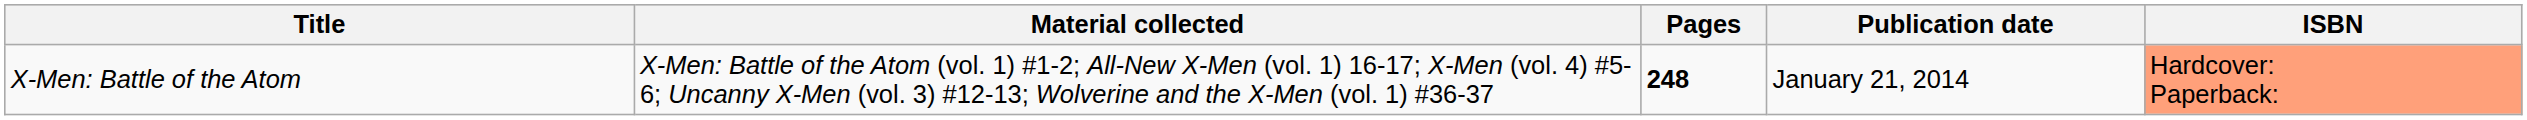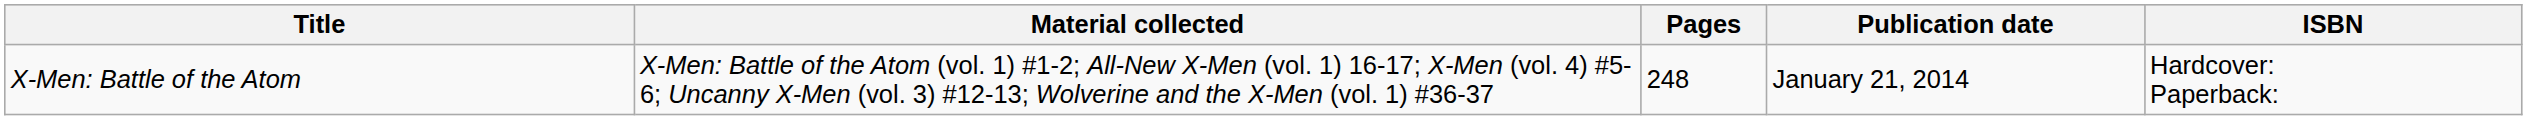 <table class="wikitable" width="100%">
 <tr>
 <th width="25%">Title</th>
 <th width="40%">Material collected</th>
 <th width="5%">Pages</th>
 <th width="15%">Publication date</th>
 <th width="15%">ISBN</th>
 </tr>
 <tr>
 <td><em>X-Men: Battle of the Atom</em></td>
 <td><em>X-Men: Battle of the Atom</em> (vol. 1) #1-2; <em>All-New X-Men</em> (vol. 1) 16-17; <em>X-Men</em> (vol. 4) #5-6; <em>Uncanny X-Men</em> (vol. 3) #12-13; <em>Wolverine and the X-Men</em> (vol. 1) #36-37</td>
-<td><strong>248</strong></td>
+<td>248</td>
 <td>January 21, 2014</td>
-<td style="background: lightsalmon;">Hardcover: <br>Paperback: </td>
+<td>Hardcover: <br>Paperback: </td>
 </tr>
 </table>
